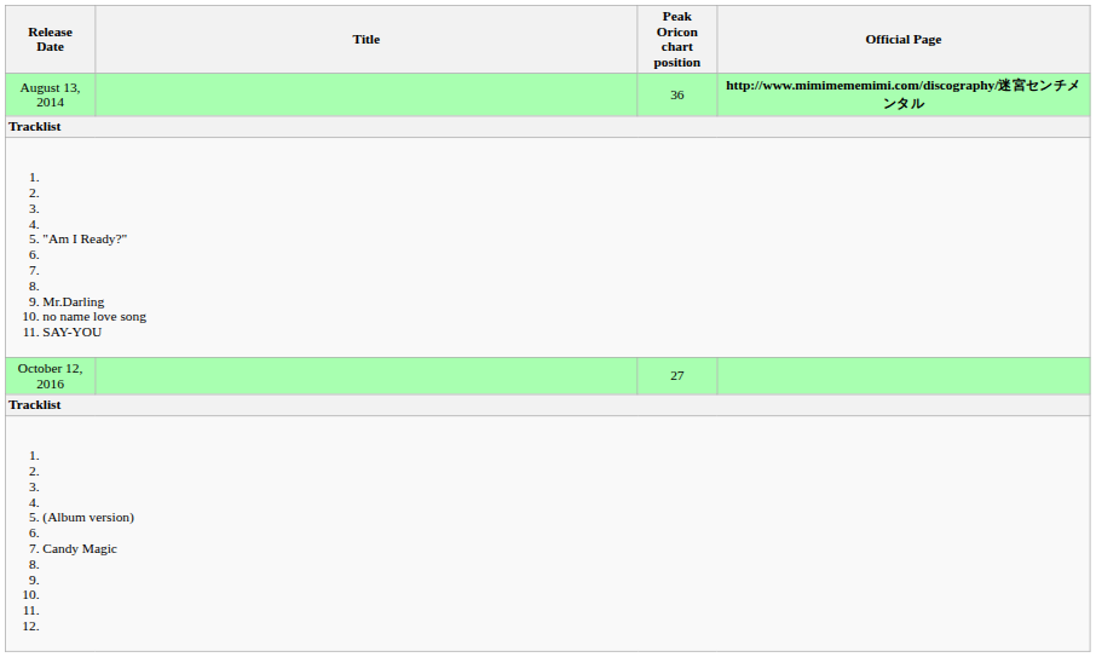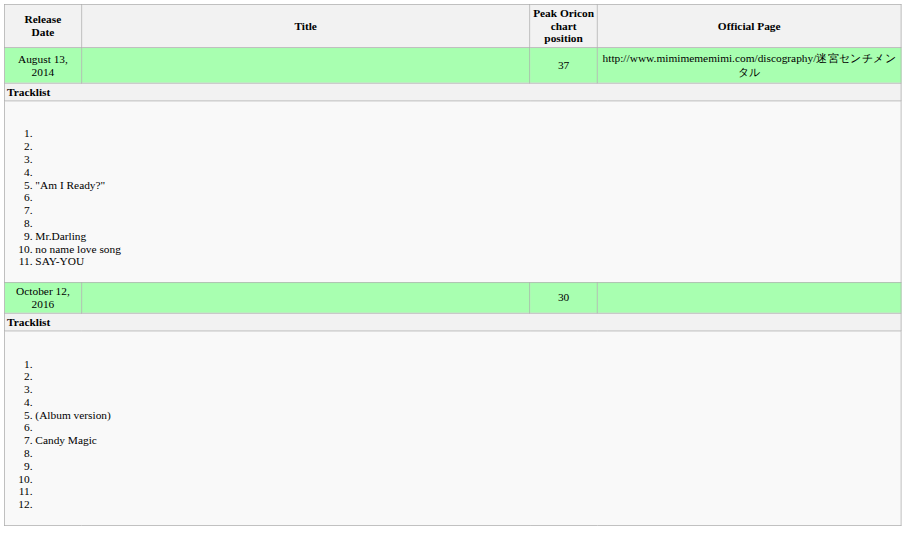 <table class="wikitable" style="text-align: center;width:100%;">
 <tr>
 <th>Release<br>Date</th>
 <th style="width:50%">Title</th>
 <th>Peak Oricon<br>chart position</th>
 <th>Official Page</th>
 </tr>
 <tr>
 <td style="background: #a8ffb0;">August 13, 2014</td>
 <td style="background: #a8ffb0;"></td>
-<td style="background: #a8ffb0;">36</td>
-<td style="background: #a8ffb0;"><strong>http://www.mimimememimi.com/discography/迷宮センチメンタル</strong></td>
+<td style="background: #a8ffb0;">37</td>
+<td style="background: #a8ffb0;">http://www.mimimememimi.com/discography/迷宮センチメンタル</td>
 </tr>
 <tr>
 <th colspan="5" style="text-align: left">Tracklist</th>
 </tr>
 <tr>
 <td colspan="5" style="text-align: left"><br><ol><li></li><li></li><li></li><li></li><li>"Am I Ready?"</li><li></li><li></li><li></li><li>Mr.Darling</li><li>no name love song</li><li>SAY-YOU</li></ol></td>
 </tr>
 <tr>
 <td style="background: #a8ffb0;">October 12, 2016</td>
 <td style="background: #a8ffb0;"></td>
-<td style="background: #a8ffb0;">27</td>
+<td style="background: #a8ffb0;">30</td>
 <td style="background: #a8ffb0;"></td>
 </tr>
 <tr>
 <th colspan="5" style="text-align: left">Tracklist</th>
 </tr>
 <tr>
 <td colspan="5" style="text-align: left"><br><ol><li></li><li></li><li></li><li></li><li> (Album version)</li><li></li><li>Candy Magic</li><li></li><li></li><li></li><li></li><li></li></ol></td>
 </tr>
 </table>
